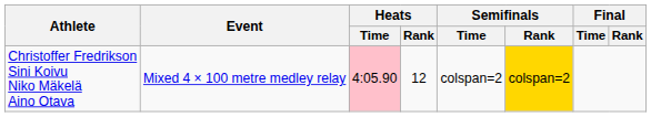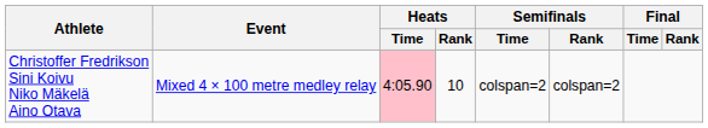 <table class=wikitable style="font-size:90%">
 <tr>
 <th rowspan=2>Athlete</th>
 <th rowspan=2>Event</th>
 <th colspan="2">Heats</th>
 <th colspan="2">Semifinals</th>
 <th colspan="2">Final</th>
 </tr>
 <tr style="font-size:95%">
 <th>Time</th>
 <th>Rank</th>
 <th>Time</th>
 <th>Rank</th>
 <th>Time</th>
 <th>Rank</th>
 </tr>
 <tr align=center>
 <td align=left><a href='#'>Christoffer Fredrikson</a><br><a href='#'>Sini Koivu</a><br><a href='#'>Niko Mäkelä</a><br><a href='#'>Aino Otava</a></td>
 <td align=left><a href='#'>Mixed 4 × 100 metre medley relay</a></td>
 <td style="background: pink;">4:05.90</td>
-<td>12</td>
+<td>10</td>
 <td>colspan=2 </td>
-<td style="background: gold;">colspan=2 </td>
+<td>colspan=2 </td>
 </tr>
 </table>
